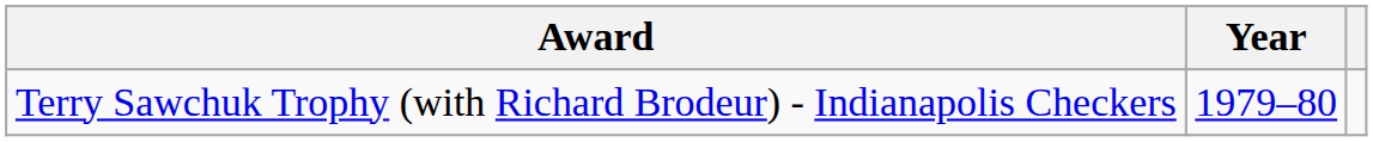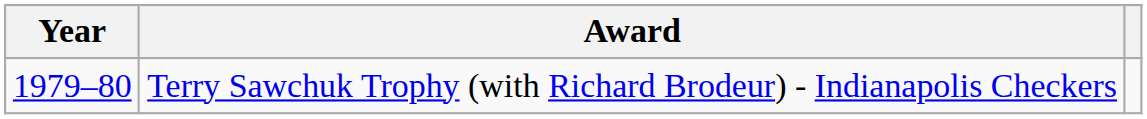 <table class="wikitable">
 <tr>
+<th>Year</th>
 <th>Award</th>
-<th>Year</th>
 <th></th>
 </tr>
 <tr>
+<td><a href='#'>1979–80</a></td>
 <td><a href='#'>Terry Sawchuk Trophy</a> (with <a href='#'>Richard Brodeur</a>) - <a href='#'>Indianapolis Checkers</a></td>
-<td><a href='#'>1979–80</a></td>
 <td></td>
 </tr>
 </table>
